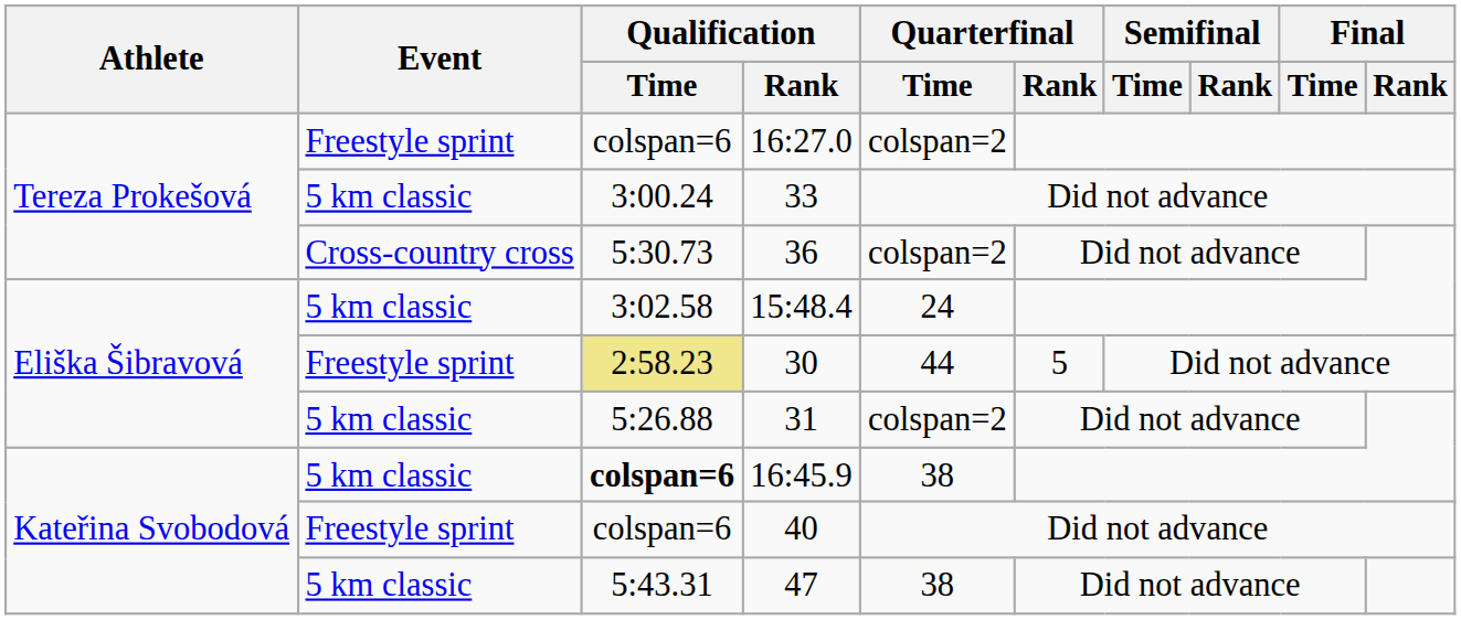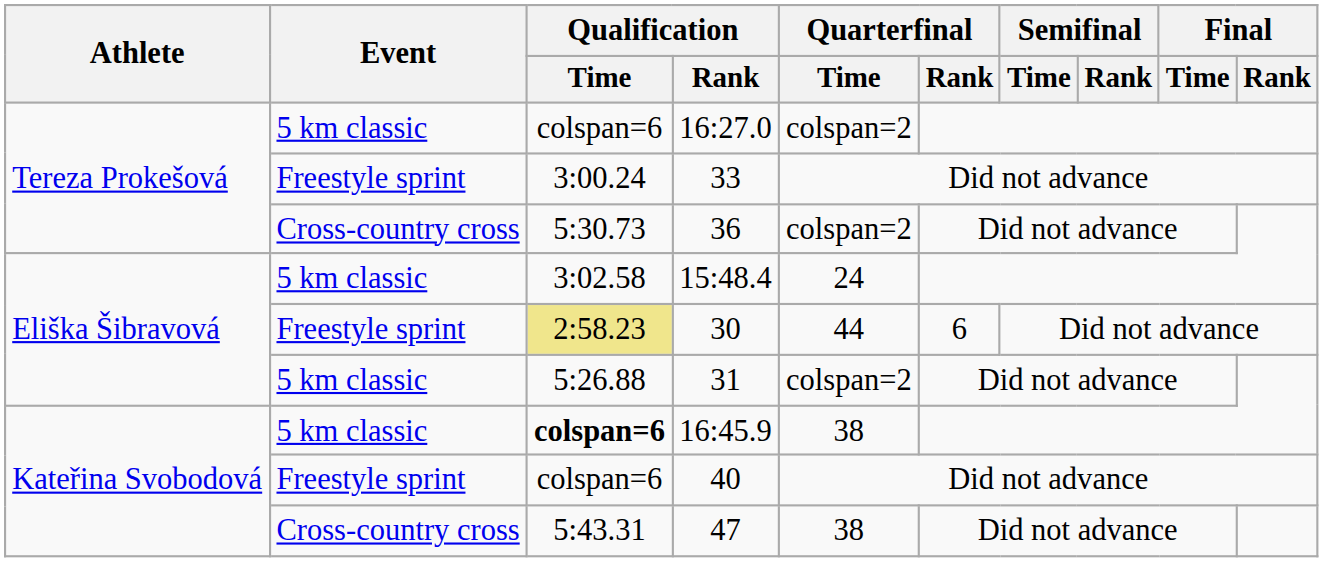 <table class="wikitable" style="font-size:90%">
 <tr>
 <th rowspan="2">Athlete</th>
 <th rowspan="2">Event</th>
 <th colspan="2">Qualification</th>
 <th colspan="2">Quarterfinal</th>
 <th colspan="2">Semifinal</th>
 <th colspan="2">Final</th>
 </tr>
 <tr style="font-size:95%">
 <th>Time</th>
 <th>Rank</th>
 <th>Time</th>
 <th>Rank</th>
 <th>Time</th>
 <th>Rank</th>
 <th>Time</th>
 <th>Rank</th>
 </tr>
 <tr align=center>
 <td align=left rowspan=3><a href='#'>Tereza Prokešová</a></td>
-<td align=left><a href='#'>Freestyle sprint</a></td>
+<td align=left><a href='#'>5 km classic</a></td>
 <td>colspan=6 </td>
 <td>16:27.0</td>
 <td>colspan=2 </td>
 </tr>
 <tr align=center>
-<td align=left><a href='#'>5 km classic</a></td>
+<td align=left><a href='#'>Freestyle sprint</a></td>
 <td>3:00.24</td>
 <td>33</td>
 <td colspan="6">Did not advance</td>
 </tr>
 <tr align=center>
 <td align=left><a href='#'>Cross-country cross</a></td>
 <td>5:30.73</td>
 <td>36</td>
 <td>colspan=2 </td>
 <td colspan="4">Did not advance</td>
 </tr>
 <tr align=center>
 <td align=left rowspan=3><a href='#'>Eliška Šibravová</a></td>
 <td align=left><a href='#'>5 km classic</a></td>
 <td>3:02.58</td>
 <td>15:48.4</td>
 <td>24</td>
 </tr>
 <tr align=center>
 <td align=left><a href='#'>Freestyle sprint</a></td>
 <td style="background: khaki;">2:58.23</td>
 <td>30</td>
 <td>44</td>
-<td>5</td>
+<td>6</td>
 <td colspan="4">Did not advance</td>
 </tr>
 <tr align=center>
 <td align=left><a href='#'>5 km classic</a></td>
 <td>5:26.88</td>
 <td>31</td>
 <td>colspan=2 </td>
 <td colspan="4">Did not advance</td>
 </tr>
 <tr align=center>
 <td align=left rowspan=3><a href='#'>Kateřina Svobodová</a></td>
 <td align=left><a href='#'>5 km classic</a></td>
 <td><strong>colspan=6 </strong></td>
 <td>16:45.9</td>
 <td>38</td>
 </tr>
 <tr align=center>
 <td align=left><a href='#'>Freestyle sprint</a></td>
 <td>colspan=6 </td>
 <td>40</td>
 <td colspan="6">Did not advance</td>
 </tr>
 <tr align=center>
-<td align=left><a href='#'>5 km classic</a></td>
+<td align=left><a href='#'>Cross-country cross</a></td>
 <td>5:43.31</td>
 <td>47</td>
 <td>38</td>
 <td colspan="4">Did not advance</td>
 </tr>
 </table>
